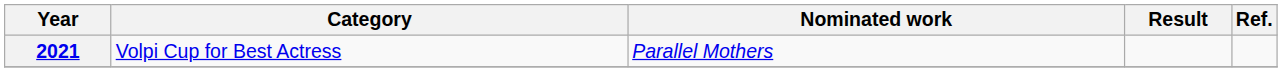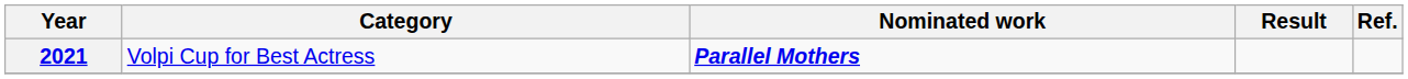 <table class=wikitable>
 <tr>
 <th scope="col" style="width:5em;">Year</th>
 <th scope="col" style="width:26em;">Category</th>
 <th scope="col" style="width:25em;">Nominated work</th>
 <th scope="col" style="width:5em;">Result</th>
 <th>Ref.</th>
 </tr>
 <tr>
 <th style="text-align:center;"><a href='#'>2021</a></th>
 <td><a href='#'>Volpi Cup for Best Actress</a></td>
-<td><em><a href='#'>Parallel Mothers</a></em></td>
+<td><strong><em><a href='#'>Parallel Mothers</a></em></strong></td>
 <td></td>
 <td></td>
 </tr>
 <tr>
 </tr>
 </table>
